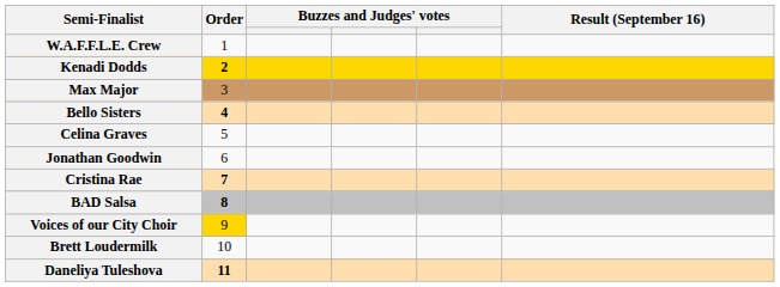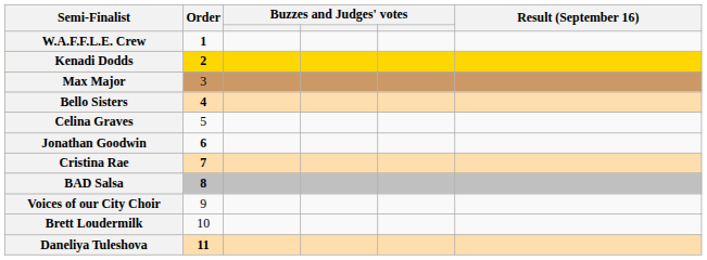 <table class="wikitable plainrowheaders sortable" style="text-align:center;">
 <tr>
 <th scope="col" rowspan="2" class="unsortable" style="width:17em;">Semi-Finalist</th>
 <th scope="col" rowspan="2" style="width:1em;">Order</th>
 <th scope="col" colspan="3" class="unsortable" style="width:24em;">Buzzes and Judges' votes</th>
 <th scope="col" rowspan="2" style="width:25em;">Result (September 16)</th>
 </tr>
 <tr>
 <th scope="col" class="unsortable" style="width:6em;"></th>
 <th scope="col" class="unsortable" style="width:6em;"></th>
 <th scope="col" class="unsortable" style="width:6em;"></th>
 </tr>
 <tr>
 <th scope="row">W.A.F.F.L.E. Crew</th>
-<td>1</td>
+<td><strong>1</strong></td>
 <td style="text-align:center;"></td>
 <td style="text-align:center;"></td>
 <td style="text-align:center;"></td>
 <td></td>
 </tr>
 <tr style="background:gold">
 <th scope="row"><strong>Kenadi Dodds</strong></th>
 <td><strong>2</strong></td>
 <td style="text-align:center;"></td>
 <td style="text-align:center;"></td>
 <td style="text-align:center;"></td>
 <td><strong></strong></td>
 </tr>
 <tr style="background:#c96">
 <th scope="row">Max Major</th>
 <td>3</td>
 <td style="text-align:center;"></td>
 <td style="text-align:center;"></td>
 <td style="text-align:center;"></td>
 <td></td>
 </tr>
 <tr style="background:NavajoWhite">
 <th scope="row"><strong>Bello Sisters</strong></th>
 <td><strong>4</strong></td>
 <td style="text-align:center;"></td>
 <td style="text-align:center;"></td>
 <td style="text-align:center;"></td>
 <td><strong></strong></td>
 </tr>
 <tr>
 <th scope="row">Celina Graves</th>
 <td>5</td>
 <td style="text-align:center;"></td>
 <td style="text-align:center;"></td>
 <td style="text-align:center;"></td>
 <td></td>
 </tr>
 <tr>
 <th scope="row">Jonathan Goodwin</th>
-<td>6</td>
+<td><strong>6</strong></td>
 <td style="text-align:center;"></td>
 <td style="text-align:center;"></td>
 <td style="text-align:center;"></td>
 <td></td>
 </tr>
 <tr style="background:NavajoWhite">
 <th scope="row"><strong>Cristina Rae</strong></th>
 <td><strong>7</strong></td>
 <td style="text-align:center;"></td>
 <td style="text-align:center;"></td>
 <td style="text-align:center;"></td>
 <td><strong></strong></td>
 </tr>
 <tr style="background:silver">
 <th scope="row"><strong>BAD Salsa</strong></th>
 <td><strong>8</strong></td>
 <td style="text-align:center;"></td>
 <td style="text-align:center;"></td>
 <td style="text-align:center;"></td>
 <td><strong></strong></td>
 </tr>
 <tr>
 <th scope="row">Voices of our City Choir</th>
-<td style="background: gold;">9</td>
+<td>9</td>
 <td style="text-align:center;"></td>
 <td style="text-align:center;"></td>
 <td style="text-align:center;"></td>
 <td></td>
 </tr>
 <tr>
 <th scope="row">Brett Loudermilk</th>
 <td>10</td>
 <td style="text-align:center;"></td>
 <td style="text-align:center;"></td>
 <td style="text-align:center;"></td>
 <td></td>
 </tr>
 <tr style="background:NavajoWhite">
 <th scope="row"><strong>Daneliya Tuleshova</strong></th>
 <td><strong>11</strong></td>
 <td style="text-align:center;"></td>
 <td style="text-align:center;"></td>
 <td style="text-align:center;"></td>
 <td><strong></strong></td>
 </tr>
 </table>
